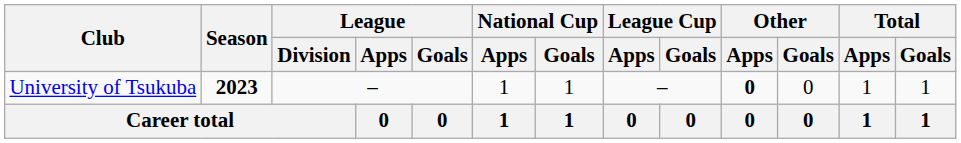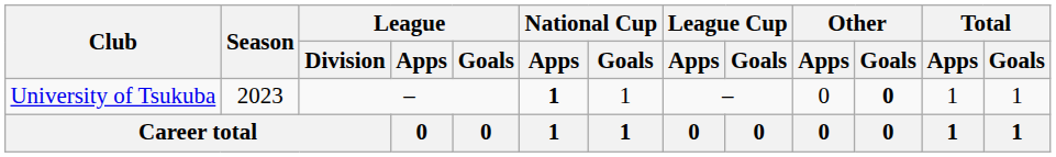 <table class=wikitable style=text-align:center>
 <tr>
 <th rowspan="2">Club</th>
 <th rowspan="2">Season</th>
 <th colspan="3">League</th>
 <th colspan="2">National Cup</th>
 <th colspan="2">League Cup</th>
 <th colspan="2">Other</th>
 <th colspan="2">Total</th>
 </tr>
 <tr>
 <th>Division</th>
 <th>Apps</th>
 <th>Goals</th>
 <th>Apps</th>
 <th>Goals</th>
 <th>Apps</th>
 <th>Goals</th>
 <th>Apps</th>
 <th>Goals</th>
 <th>Apps</th>
 <th>Goals</th>
 </tr>
 <tr>
 <td><a href='#'>University of Tsukuba</a></td>
-<td><strong>2023</strong></td>
+<td>2023</td>
 <td colspan="3">–</td>
-<td>1</td>
+<td><strong>1</strong></td>
 <td>1</td>
 <td colspan="2">–</td>
+<td>0</td>
 <td><strong>0</strong></td>
-<td>0</td>
 <td>1</td>
 <td>1</td>
 </tr>
 <tr>
 <th colspan=3>Career total</th>
 <th>0</th>
 <th>0</th>
 <th>1</th>
 <th>1</th>
 <th>0</th>
 <th>0</th>
 <th>0</th>
 <th>0</th>
 <th>1</th>
 <th>1</th>
 </tr>
 </table>
